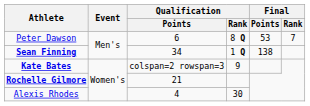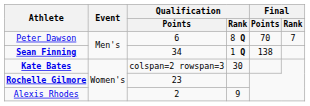 <table class="wikitable" style="font-size:90%;text-align:center">
 <tr>
 <th rowspan=2>Athlete</th>
 <th rowspan=2>Event</th>
 <th colspan=2>Qualification</th>
 <th colspan=2>Final</th>
 </tr>
 <tr style="font-size:95%">
 <th>Points</th>
 <th>Rank</th>
 <th>Points</th>
 <th>Rank</th>
 </tr>
 <tr>
 <td><a href='#'>Peter Dawson</a></td>
 <td rowspan=2>Men's</td>
 <td>6</td>
 <td>8 <strong>Q</strong></td>
-<td>53</td>
+<td>70</td>
 <td>7</td>
 </tr>
 <tr>
 <td><strong><a href='#'>Sean Finning</a></strong></td>
 <td>34</td>
 <td>1 <strong>Q</strong></td>
 <td>138</td>
 <td></td>
 </tr>
 <tr>
 <td><strong><a href='#'>Kate Bates</a></strong></td>
 <td rowspan=3>Women's</td>
 <td>colspan=2 rowspan=3 </td>
-<td>9</td>
+<td>30</td>
 <td></td>
 </tr>
 <tr>
 <td><strong><a href='#'>Rochelle Gilmore</a></strong></td>
-<td>21</td>
+<td>23</td>
 <td></td>
 </tr>
 <tr>
 <td><a href='#'>Alexis Rhodes</a></td>
-<td>4</td>
-<td>30</td>
+<td>2</td>
+<td>9</td>
 </tr>
 </table>
